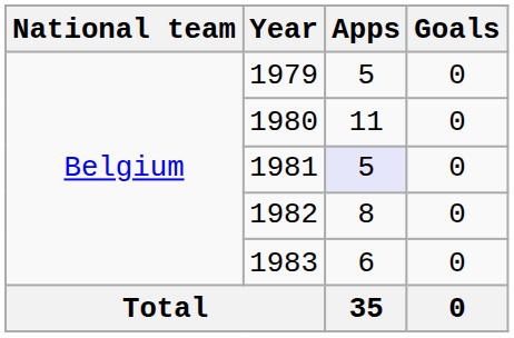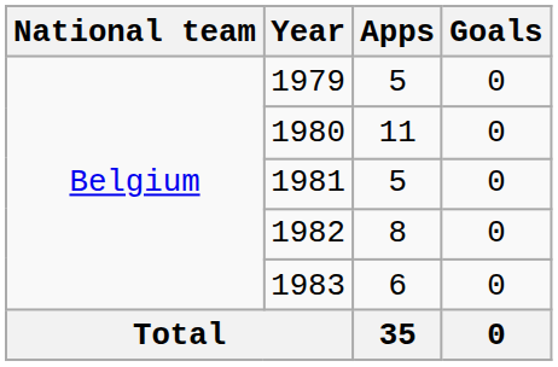 <table class="wikitable" style="text-align:center">
 <tr>
 <th>National team</th>
 <th>Year</th>
 <th>Apps</th>
 <th>Goals</th>
 </tr>
 <tr>
 <td rowspan="5"><a href='#'>Belgium</a></td>
 <td>1979</td>
 <td>5</td>
 <td>0</td>
 </tr>
 <tr>
 <td>1980</td>
 <td>11</td>
 <td>0</td>
 </tr>
 <tr>
 <td>1981</td>
-<td style="background: lavender;">5</td>
+<td>5</td>
 <td>0</td>
 </tr>
 <tr>
 <td>1982</td>
 <td>8</td>
 <td>0</td>
 </tr>
 <tr>
 <td>1983</td>
 <td>6</td>
 <td>0</td>
 </tr>
 <tr>
 <th colspan="2">Total</th>
 <th>35</th>
 <th>0</th>
 </tr>
 </table>
